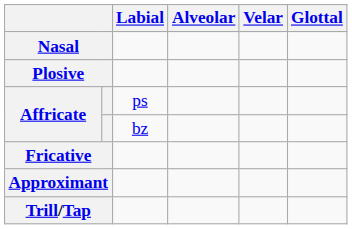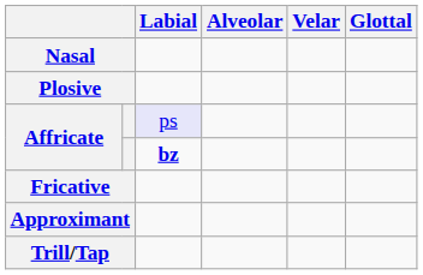 <table class="wikitable" style="text-align: center;">
 <tr>
 <th colspan="2"></th>
 <th><a href='#'>Labial</a></th>
 <th><a href='#'>Alveolar</a></th>
 <th><a href='#'>Velar</a></th>
 <th><a href='#'>Glottal</a></th>
 </tr>
 <tr>
 <th colspan="2"><a href='#'>Nasal</a></th>
 <td></td>
 <td></td>
 <td></td>
 <td></td>
 </tr>
 <tr>
 <th colspan="2"><a href='#'>Plosive</a></th>
 <td></td>
 <td></td>
 <td></td>
 <td></td>
 </tr>
 <tr>
 <th rowspan="2"><a href='#'>Affricate</a></th>
 <th></th>
-<td><a href='#'>ps</a></td>
+<td style="background: lavender;"><a href='#'>ps</a></td>
 <td></td>
 <td></td>
 <td></td>
 </tr>
 <tr>
 <th></th>
-<td><a href='#'>bz</a></td>
+<td><strong><a href='#'>bz</a></strong></td>
 <td></td>
 <td></td>
 <td></td>
 </tr>
 <tr>
 <th colspan="2"><a href='#'>Fricative</a></th>
 <td></td>
 <td></td>
 <td></td>
 <td></td>
 </tr>
 <tr>
 <th colspan="2"><a href='#'>Approximant</a></th>
 <td></td>
 <td></td>
 <td></td>
 <td></td>
 </tr>
 <tr>
 <th colspan="2"><a href='#'>Trill</a>/<a href='#'>Tap</a></th>
 <td></td>
 <td></td>
 <td></td>
 <td></td>
 </tr>
 </table>
